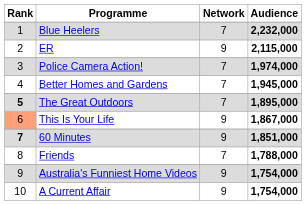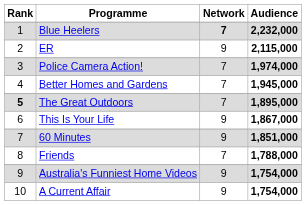 <table border="1" cellpadding="4" cel lspacing="0" style="border:1px solid #aaa; border-collapse:collapse">
 <tr bgcolor="white">
 <th><strong>Rank</strong></th>
 <th><strong>Programme</strong></th>
 <th><strong>Network</strong></th>
 <th><strong>Audience</strong></th>
 </tr>
 <tr>
 </tr>
 <tr bgcolor=gainsboro>
 <td align="center">1</td>
 <td><a href='#'>Blue Heelers</a></td>
-<td align="center">7</td>
+<td align="center"><strong>7</strong></td>
 <th>2,232,000</th>
 </tr>
 <tr>
 <td align="center">2</td>
 <td><a href='#'>ER</a></td>
 <td align="center">9</td>
 <th>2,115,000</th>
 </tr>
 <tr>
 </tr>
 <tr bgcolor=gainsboro>
 <td align="center">3</td>
 <td><a href='#'>Police Camera Action!</a></td>
 <td align="center">7</td>
 <th>1,974,000</th>
 </tr>
 <tr>
 <td align="center">4</td>
 <td><a href='#'>Better Homes and Gardens</a></td>
 <td align="center">7</td>
 <th>1,945,000</th>
 </tr>
 <tr>
 </tr>
 <tr bgcolor=gainsboro>
 <td align="center"><strong>5</strong></td>
 <td><a href='#'>The Great Outdoors</a></td>
 <td align="center">7</td>
 <th>1,895,000</th>
 </tr>
 <tr>
-<td align="center" style="background: lightsalmon;">6</td>
+<td align="center">6</td>
 <td><a href='#'>This Is Your Life</a></td>
 <td align="center">9</td>
 <th>1,867,000</th>
 </tr>
 <tr>
 </tr>
 <tr bgcolor=gainsboro>
-<td align="center"><strong>7</strong></td>
+<td align="center">7</td>
 <td><a href='#'>60 Minutes</a></td>
 <td align="center">9</td>
 <th>1,851,000</th>
 </tr>
 <tr>
 <td align="center">8</td>
 <td><a href='#'>Friends</a></td>
 <td align="center">7</td>
 <th>1,788,000</th>
 </tr>
 <tr>
 </tr>
 <tr bgcolor=gainsboro>
 <td align="center">9</td>
 <td><a href='#'>Australia's Funniest Home Videos</a></td>
 <td align="center">9</td>
 <th>1,754,000</th>
 </tr>
 <tr>
 <td align="center">10</td>
 <td><a href='#'>A Current Affair</a></td>
 <td align="center">9</td>
 <th>1,754,000</th>
 </tr>
 </table>
